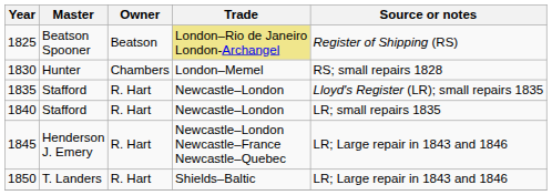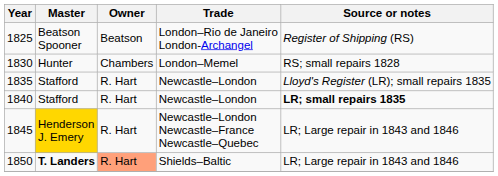 <table class="sortable wikitable">
 <tr>
 <th>Year</th>
 <th>Master</th>
 <th>Owner</th>
 <th>Trade</th>
 <th>Source or notes</th>
 </tr>
 <tr>
 <td>1825</td>
 <td>Beatson<br>Spooner</td>
 <td>Beatson</td>
-<td style="background: khaki;">London–Rio de Janeiro<br>London-<a href='#'>Archangel</a></td>
+<td>London–Rio de Janeiro<br>London-<a href='#'>Archangel</a></td>
 <td><em>Register of Shipping</em> (RS)</td>
 </tr>
 <tr>
 <td>1830</td>
 <td>Hunter</td>
 <td>Chambers</td>
 <td>London–Memel</td>
 <td>RS; small repairs 1828</td>
 </tr>
 <tr>
 <td>1835</td>
 <td>Stafford</td>
 <td>R. Hart</td>
 <td>Newcastle–London</td>
 <td><em>Lloyd's Register</em> (LR); small repairs 1835</td>
 </tr>
 <tr>
 <td>1840</td>
 <td>Stafford</td>
 <td>R. Hart</td>
 <td>Newcastle–London</td>
-<td>LR; small repairs 1835</td>
+<td><strong>LR; small repairs 1835</strong></td>
 </tr>
 <tr>
 <td>1845</td>
-<td>Henderson<br>J. Emery</td>
+<td style="background: gold;">Henderson<br>J. Emery</td>
 <td>R. Hart</td>
 <td>Newcastle–London<br>Newcastle–France<br>Newcastle–Quebec</td>
 <td>LR; Large repair in 1843 and 1846</td>
 </tr>
 <tr>
 <td>1850</td>
-<td>T. Landers</td>
-<td>R. Hart</td>
+<td><strong>T. Landers</strong></td>
+<td style="background: lightsalmon;">R. Hart</td>
 <td>Shields–Baltic</td>
 <td>LR; Large repair in 1843 and 1846</td>
 </tr>
 <tr>
 </tr>
 </table>
